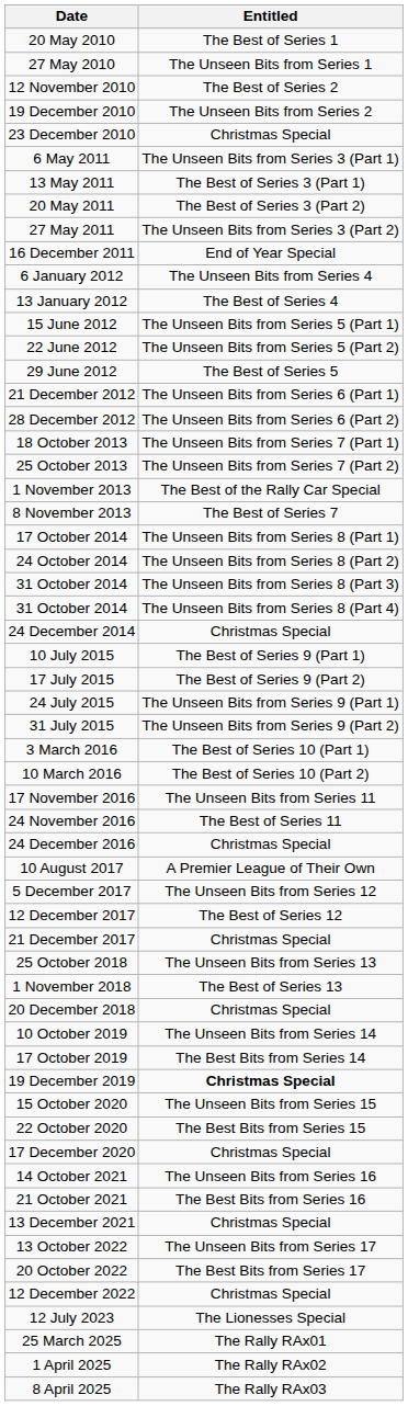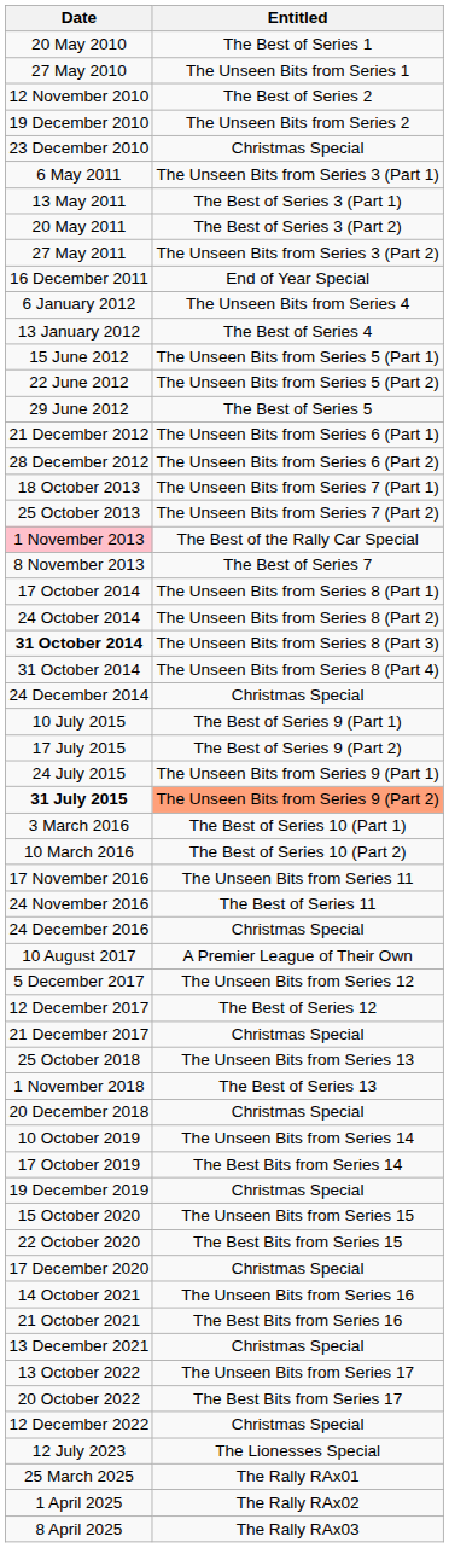 <table class="wikitable" style="text-align:center;">
 <tr>
 <th>Date</th>
 <th>Entitled</th>
 </tr>
 <tr>
 <td>20 May 2010</td>
 <td>The Best of Series 1</td>
 </tr>
 <tr>
 <td>27 May 2010</td>
 <td>The Unseen Bits from Series 1</td>
 </tr>
 <tr>
 <td>12 November 2010</td>
 <td>The Best of Series 2</td>
 </tr>
 <tr>
 <td>19 December 2010</td>
 <td>The Unseen Bits from Series 2</td>
 </tr>
 <tr>
 <td>23 December 2010</td>
 <td>Christmas Special</td>
 </tr>
 <tr>
 <td>6 May 2011</td>
 <td>The Unseen Bits from Series 3 (Part 1)</td>
 </tr>
 <tr>
 <td>13 May 2011</td>
 <td>The Best of Series 3 (Part 1)</td>
 </tr>
 <tr>
 <td>20 May 2011</td>
 <td>The Best of Series 3 (Part 2)</td>
 </tr>
 <tr>
 <td>27 May 2011</td>
 <td>The Unseen Bits from Series 3 (Part 2)</td>
 </tr>
 <tr>
 <td>16 December 2011</td>
 <td>End of Year Special</td>
 </tr>
 <tr>
 <td>6 January 2012</td>
 <td>The Unseen Bits from Series 4</td>
 </tr>
 <tr>
 <td>13 January 2012</td>
 <td>The Best of Series 4</td>
 </tr>
 <tr>
 <td>15 June 2012</td>
 <td>The Unseen Bits from Series 5 (Part 1)</td>
 </tr>
 <tr>
 <td>22 June 2012</td>
 <td>The Unseen Bits from Series 5 (Part 2)</td>
 </tr>
 <tr>
 <td>29 June 2012</td>
 <td>The Best of Series 5</td>
 </tr>
 <tr>
 <td>21 December 2012</td>
 <td>The Unseen Bits from Series 6 (Part 1)</td>
 </tr>
 <tr>
 <td>28 December 2012</td>
 <td>The Unseen Bits from Series 6 (Part 2)</td>
 </tr>
 <tr>
 <td>18 October 2013</td>
 <td>The Unseen Bits from Series 7 (Part 1)</td>
 </tr>
 <tr>
 <td>25 October 2013</td>
 <td>The Unseen Bits from Series 7 (Part 2)</td>
 </tr>
 <tr>
-<td>1 November 2013</td>
+<td style="background: pink;">1 November 2013</td>
 <td>The Best of the Rally Car Special</td>
 </tr>
 <tr>
 <td>8 November 2013</td>
 <td>The Best of Series 7</td>
 </tr>
 <tr>
 <td>17 October 2014</td>
 <td>The Unseen Bits from Series 8 (Part 1)</td>
 </tr>
 <tr>
 <td>24 October 2014</td>
 <td>The Unseen Bits from Series 8 (Part 2)</td>
 </tr>
 <tr>
-<td>31 October 2014</td>
+<td><strong>31 October 2014</strong></td>
 <td>The Unseen Bits from Series 8 (Part 3)</td>
 </tr>
 <tr>
 <td>31 October 2014</td>
 <td>The Unseen Bits from Series 8 (Part 4)</td>
 </tr>
 <tr>
 <td>24 December 2014</td>
 <td>Christmas Special</td>
 </tr>
 <tr>
 <td>10 July 2015</td>
 <td>The Best of Series 9 (Part 1)</td>
 </tr>
 <tr>
 <td>17 July 2015</td>
 <td>The Best of Series 9 (Part 2)</td>
 </tr>
 <tr>
 <td>24 July 2015</td>
 <td>The Unseen Bits from Series 9 (Part 1)</td>
 </tr>
 <tr>
-<td>31 July 2015</td>
-<td>The Unseen Bits from Series 9 (Part 2)</td>
+<td><strong>31 July 2015</strong></td>
+<td style="background: lightsalmon;">The Unseen Bits from Series 9 (Part 2)</td>
 </tr>
 <tr>
 <td>3 March 2016</td>
 <td>The Best of Series 10 (Part 1)</td>
 </tr>
 <tr>
 <td>10 March 2016</td>
 <td>The Best of Series 10 (Part 2)</td>
 </tr>
 <tr>
 <td>17 November 2016</td>
 <td>The Unseen Bits from Series 11</td>
 </tr>
 <tr>
 <td>24 November 2016</td>
 <td>The Best of Series 11</td>
 </tr>
 <tr>
 <td>24 December 2016</td>
 <td>Christmas Special</td>
 </tr>
 <tr>
 <td>10 August 2017</td>
 <td>A Premier League of Their Own</td>
 </tr>
 <tr>
 <td>5 December 2017</td>
 <td>The Unseen Bits from Series 12</td>
 </tr>
 <tr>
 <td>12 December 2017</td>
 <td>The Best of Series 12</td>
 </tr>
 <tr>
 <td>21 December 2017</td>
 <td>Christmas Special</td>
 </tr>
 <tr>
 <td>25 October 2018</td>
 <td>The Unseen Bits from Series 13</td>
 </tr>
 <tr>
 <td>1 November 2018</td>
 <td>The Best of Series 13</td>
 </tr>
 <tr>
 <td>20 December 2018</td>
 <td>Christmas Special</td>
 </tr>
 <tr>
 <td>10 October 2019</td>
 <td>The Unseen Bits from Series 14</td>
 </tr>
 <tr>
 <td>17 October 2019</td>
 <td>The Best Bits from Series 14</td>
 </tr>
 <tr>
 <td>19 December 2019</td>
-<td><strong>Christmas Special</strong></td>
+<td>Christmas Special</td>
 </tr>
 <tr>
 <td>15 October 2020</td>
 <td>The Unseen Bits from Series 15</td>
 </tr>
 <tr>
 <td>22 October 2020</td>
 <td>The Best Bits from Series 15</td>
 </tr>
 <tr>
 <td>17 December 2020</td>
 <td>Christmas Special</td>
 </tr>
 <tr>
 <td>14 October 2021</td>
 <td>The Unseen Bits from Series 16</td>
 </tr>
 <tr>
 <td>21 October 2021</td>
 <td>The Best Bits from Series 16</td>
 </tr>
 <tr>
 <td>13 December 2021</td>
 <td>Christmas Special</td>
 </tr>
 <tr>
 <td>13 October 2022</td>
 <td>The Unseen Bits from Series 17</td>
 </tr>
 <tr>
 <td>20 October 2022</td>
 <td>The Best Bits from Series 17</td>
 </tr>
 <tr>
 <td>12 December 2022</td>
 <td>Christmas Special</td>
 </tr>
 <tr>
 <td>12 July 2023</td>
 <td>The Lionesses Special</td>
 </tr>
 <tr>
 <td>25 March 2025</td>
 <td>The Rally RAx01</td>
 </tr>
 <tr>
 <td>1 April 2025</td>
 <td>The Rally RAx02</td>
 </tr>
 <tr>
 <td>8 April 2025</td>
 <td>The Rally RAx03</td>
 </tr>
 </table>
